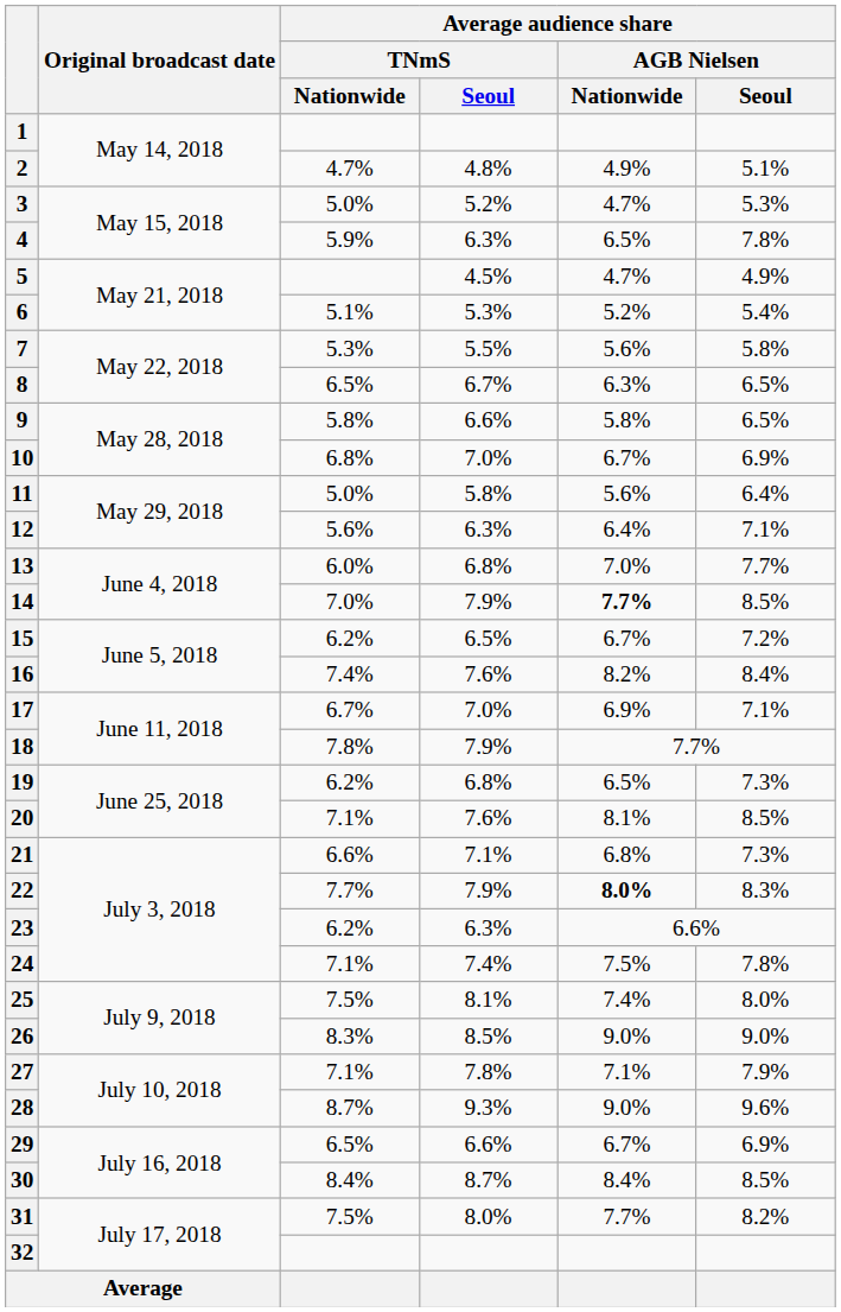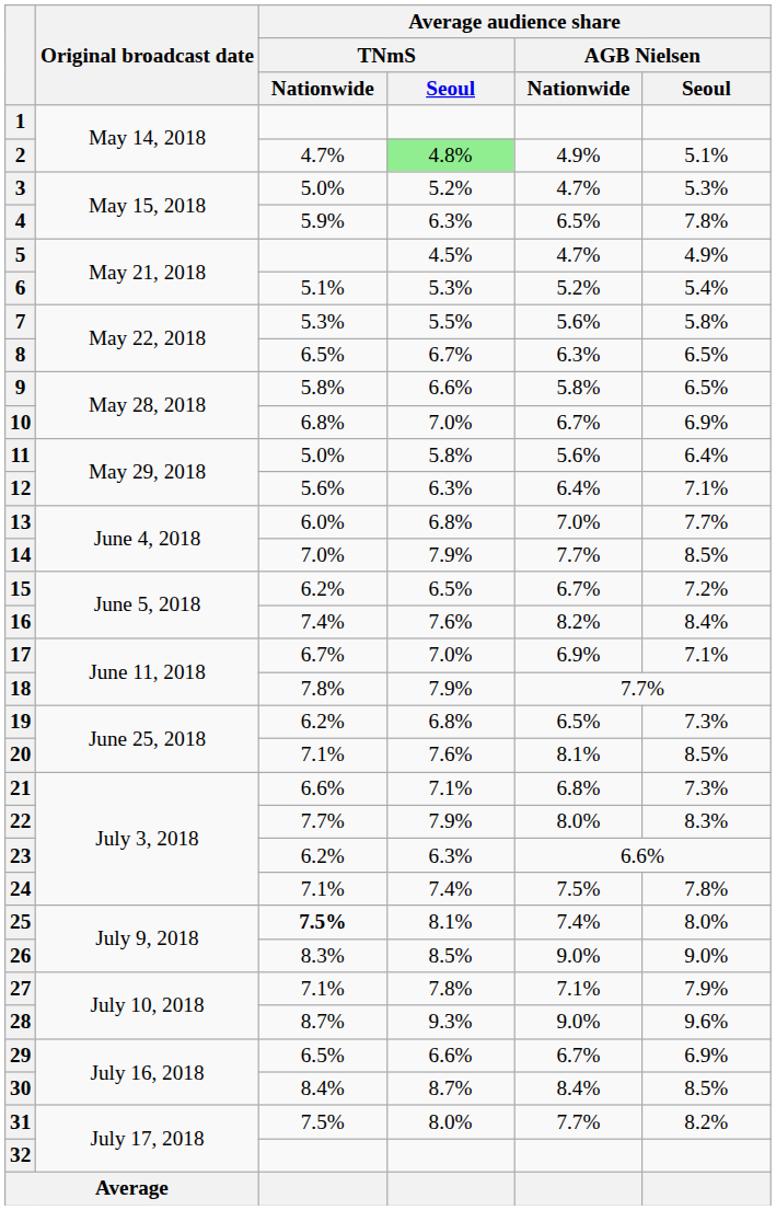 <table class="wikitable" style="text-align:center">
 <tr>
 <th rowspan="3"></th>
 <th rowspan="3">Original broadcast date</th>
 <th colspan="4">Average audience share</th>
 </tr>
 <tr>
 <th colspan="2">TNmS</th>
 <th colspan="2">AGB Nielsen</th>
 </tr>
 <tr>
 <th width="90">Nationwide</th>
 <th width="90"><a href='#'>Seoul</a></th>
 <th width="90">Nationwide</th>
 <th width="90">Seoul</th>
 </tr>
 <tr>
 <th>1</th>
 <td rowspan="2">May 14, 2018</td>
 <td> </td>
 <td></td>
 <td> </td>
 <td> </td>
 </tr>
 <tr>
 <th>2</th>
 <td>4.7% </td>
-<td>4.8%</td>
+<td style="background: lightgreen;">4.8%</td>
 <td>4.9% </td>
 <td>5.1% </td>
 </tr>
 <tr>
 <th>3</th>
 <td rowspan="2">May 15, 2018</td>
 <td>5.0% </td>
 <td>5.2%</td>
 <td>4.7% </td>
 <td>5.3% </td>
 </tr>
 <tr>
 <th>4</th>
 <td>5.9% </td>
 <td>6.3%</td>
 <td>6.5% </td>
 <td>7.8% </td>
 </tr>
 <tr>
 <th>5</th>
 <td rowspan="2">May 21, 2018</td>
 <td> </td>
 <td>4.5%</td>
 <td>4.7% </td>
 <td>4.9% </td>
 </tr>
 <tr>
 <th>6</th>
 <td>5.1% </td>
 <td>5.3%</td>
 <td>5.2% </td>
 <td>5.4% </td>
 </tr>
 <tr>
 <th>7</th>
 <td rowspan="2">May 22, 2018</td>
 <td>5.3% </td>
 <td>5.5%</td>
 <td>5.6% </td>
 <td>5.8% </td>
 </tr>
 <tr>
 <th>8</th>
 <td>6.5% </td>
 <td>6.7%</td>
 <td>6.3% </td>
 <td>6.5% </td>
 </tr>
 <tr>
 <th>9</th>
 <td rowspan="2">May 28, 2018</td>
 <td>5.8% </td>
 <td>6.6%</td>
 <td>5.8% </td>
 <td>6.5% </td>
 </tr>
 <tr>
 <th>10</th>
 <td>6.8% </td>
 <td>7.0%</td>
 <td>6.7% </td>
 <td>6.9% </td>
 </tr>
 <tr>
 <th>11</th>
 <td rowspan="2">May 29, 2018</td>
 <td>5.0% </td>
 <td>5.8%</td>
 <td>5.6% </td>
 <td>6.4% </td>
 </tr>
 <tr>
 <th>12</th>
 <td>5.6% </td>
 <td>6.3%</td>
 <td>6.4% </td>
 <td>7.1% </td>
 </tr>
 <tr>
 <th>13</th>
 <td rowspan="2">June 4, 2018</td>
 <td>6.0%</td>
 <td>6.8%</td>
 <td>7.0% </td>
 <td>7.7% </td>
 </tr>
 <tr>
 <th>14</th>
 <td>7.0%</td>
 <td>7.9%</td>
-<td><strong>7.7% </strong></td>
+<td>7.7% </td>
 <td>8.5% </td>
 </tr>
 <tr>
 <th>15</th>
 <td rowspan="2">June 5, 2018</td>
 <td>6.2%</td>
 <td>6.5%</td>
 <td>6.7% </td>
 <td>7.2% </td>
 </tr>
 <tr>
 <th>16</th>
 <td>7.4%</td>
 <td>7.6%</td>
 <td>8.2% </td>
 <td>8.4% </td>
 </tr>
 <tr>
 <th>17</th>
 <td rowspan="2">June 11, 2018</td>
 <td>6.7%</td>
 <td>7.0%</td>
 <td>6.9% </td>
 <td>7.1% </td>
 </tr>
 <tr>
 <th>18</th>
 <td>7.8%</td>
 <td>7.9%</td>
 <td colspan="2">7.7% </td>
 </tr>
 <tr>
 <th>19</th>
 <td rowspan="2">June 25, 2018</td>
 <td>6.2%</td>
 <td>6.8%</td>
 <td>6.5% </td>
 <td>7.3% </td>
 </tr>
 <tr>
 <th>20</th>
 <td>7.1%</td>
 <td>7.6%</td>
 <td>8.1% </td>
 <td>8.5% </td>
 </tr>
 <tr>
 <th>21</th>
 <td rowspan="4">July 3, 2018</td>
 <td>6.6%</td>
 <td>7.1%</td>
 <td>6.8% </td>
 <td>7.3% </td>
 </tr>
 <tr>
 <th>22</th>
 <td>7.7%</td>
 <td>7.9%</td>
-<td><strong>8.0% </strong></td>
+<td>8.0% </td>
 <td>8.3% </td>
 </tr>
 <tr>
 <th>23</th>
 <td>6.2%</td>
 <td>6.3%</td>
 <td colspan="2">6.6% </td>
 </tr>
 <tr>
 <th>24</th>
 <td>7.1%</td>
 <td>7.4%</td>
 <td>7.5% </td>
 <td>7.8% </td>
 </tr>
 <tr>
 <th>25</th>
 <td rowspan="2">July 9, 2018</td>
-<td>7.5%</td>
+<td><strong>7.5%</strong></td>
 <td>8.1%</td>
 <td>7.4% </td>
 <td>8.0% </td>
 </tr>
 <tr>
 <th>26</th>
 <td>8.3%</td>
 <td>8.5%</td>
 <td>9.0% </td>
 <td>9.0% </td>
 </tr>
 <tr>
 <th>27</th>
 <td rowspan="2">July 10, 2018</td>
 <td>7.1%</td>
 <td>7.8%</td>
 <td>7.1% </td>
 <td>7.9% </td>
 </tr>
 <tr>
 <th>28</th>
 <td>8.7%</td>
 <td>9.3%</td>
 <td>9.0% </td>
 <td>9.6% </td>
 </tr>
 <tr>
 <th>29</th>
 <td rowspan="2">July 16, 2018</td>
 <td>6.5%</td>
 <td>6.6%</td>
 <td>6.7% </td>
 <td>6.9% </td>
 </tr>
 <tr>
 <th>30</th>
 <td>8.4%</td>
 <td>8.7%</td>
 <td>8.4% </td>
 <td>8.5% </td>
 </tr>
 <tr>
 <th>31</th>
 <td rowspan="2">July 17, 2018</td>
 <td>7.5%</td>
 <td>8.0%</td>
 <td>7.7% </td>
 <td>8.2% </td>
 </tr>
 <tr>
 <th>32</th>
 <td></td>
 <td></td>
 <td> </td>
 <td> </td>
 </tr>
 <tr>
 <th colspan="2">Average</th>
 <th></th>
 <th></th>
 <th></th>
 <th></th>
 </tr>
 </table>
